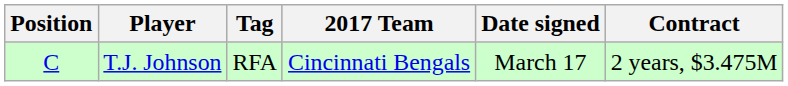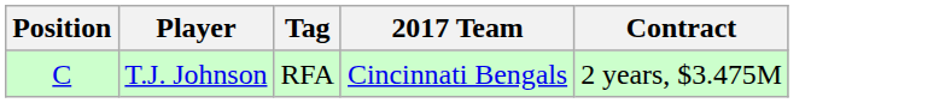 <table class="wikitable" style="text-align:center">
 <tr>
 <th>Position</th>
 <th>Player</th>
 <th>Tag</th>
 <th>2017 Team</th>
-<th>Date signed</th>
 <th>Contract</th>
 </tr>
 <tr style="background:#cfc;">
 <td><a href='#'>C</a></td>
 <td><a href='#'>T.J. Johnson</a></td>
 <td>RFA</td>
 <td><a href='#'>Cincinnati Bengals</a></td>
-<td>March 17</td>
 <td>2 years, $3.475M</td>
 </tr>
 </table>
